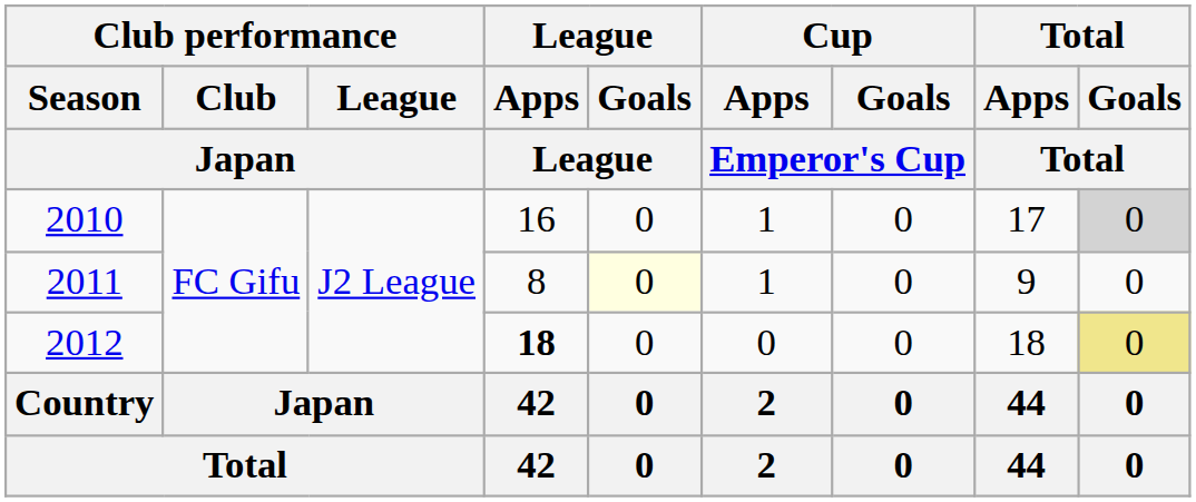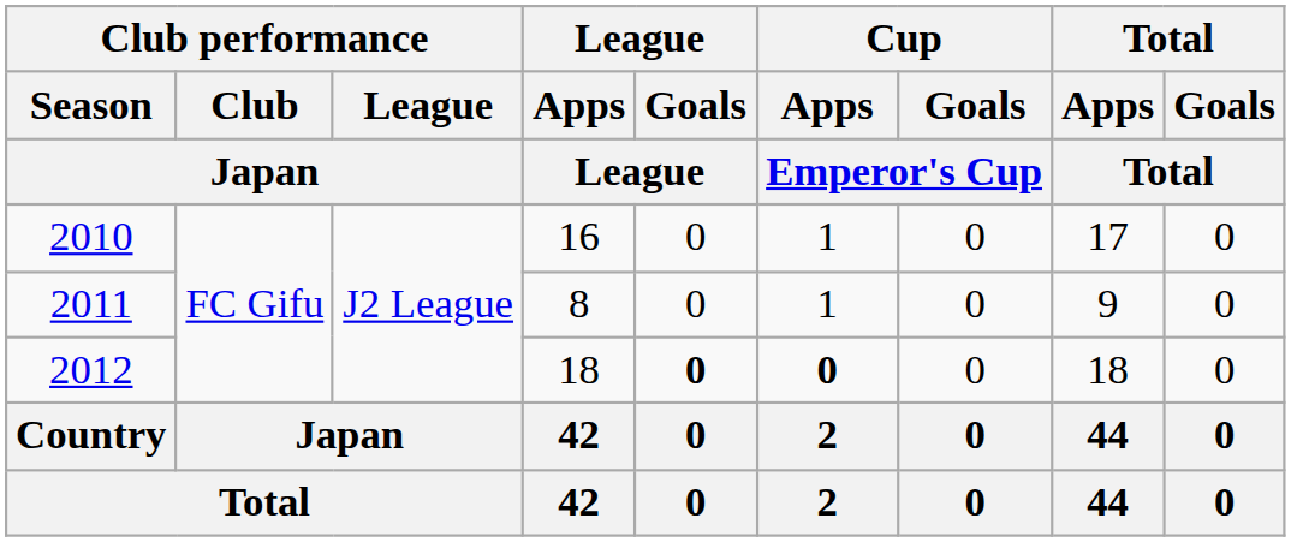 <table class="wikitable" style="text-align:center;">
 <tr>
 <th colspan=3>Club performance</th>
 <th colspan=2>League</th>
 <th colspan=2>Cup</th>
 <th colspan=2>Total</th>
 </tr>
 <tr>
 <th>Season</th>
 <th>Club</th>
 <th>League</th>
 <th>Apps</th>
 <th>Goals</th>
 <th>Apps</th>
 <th>Goals</th>
 <th>Apps</th>
 <th>Goals</th>
 </tr>
 <tr>
 <th colspan=3>Japan</th>
 <th colspan=2>League</th>
 <th colspan=2><a href='#'>Emperor's Cup</a></th>
 <th colspan=2>Total</th>
 </tr>
 <tr>
 <td><a href='#'>2010</a></td>
 <td rowspan="3"><a href='#'>FC Gifu</a></td>
 <td rowspan="3"><a href='#'>J2 League</a></td>
 <td>16</td>
 <td>0</td>
 <td>1</td>
 <td>0</td>
 <td>17</td>
-<td style="background: lightgrey;">0</td>
+<td>0</td>
 </tr>
 <tr>
 <td><a href='#'>2011</a></td>
 <td>8</td>
-<td style="background: lightyellow;">0</td>
+<td>0</td>
 <td>1</td>
 <td>0</td>
 <td>9</td>
 <td>0</td>
 </tr>
 <tr>
 <td><a href='#'>2012</a></td>
-<td><strong>18</strong></td>
-<td>0</td>
-<td>0</td>
+<td>18</td>
+<td><strong>0</strong></td>
+<td><strong>0</strong></td>
 <td>0</td>
 <td>18</td>
-<td style="background: khaki;">0</td>
+<td>0</td>
 </tr>
 <tr>
 <th rowspan=1>Country</th>
 <th colspan=2>Japan</th>
 <th>42</th>
 <th>0</th>
 <th>2</th>
 <th>0</th>
 <th>44</th>
 <th>0</th>
 </tr>
 <tr>
 <th colspan=3>Total</th>
 <th>42</th>
 <th>0</th>
 <th>2</th>
 <th>0</th>
 <th>44</th>
 <th>0</th>
 </tr>
 </table>
